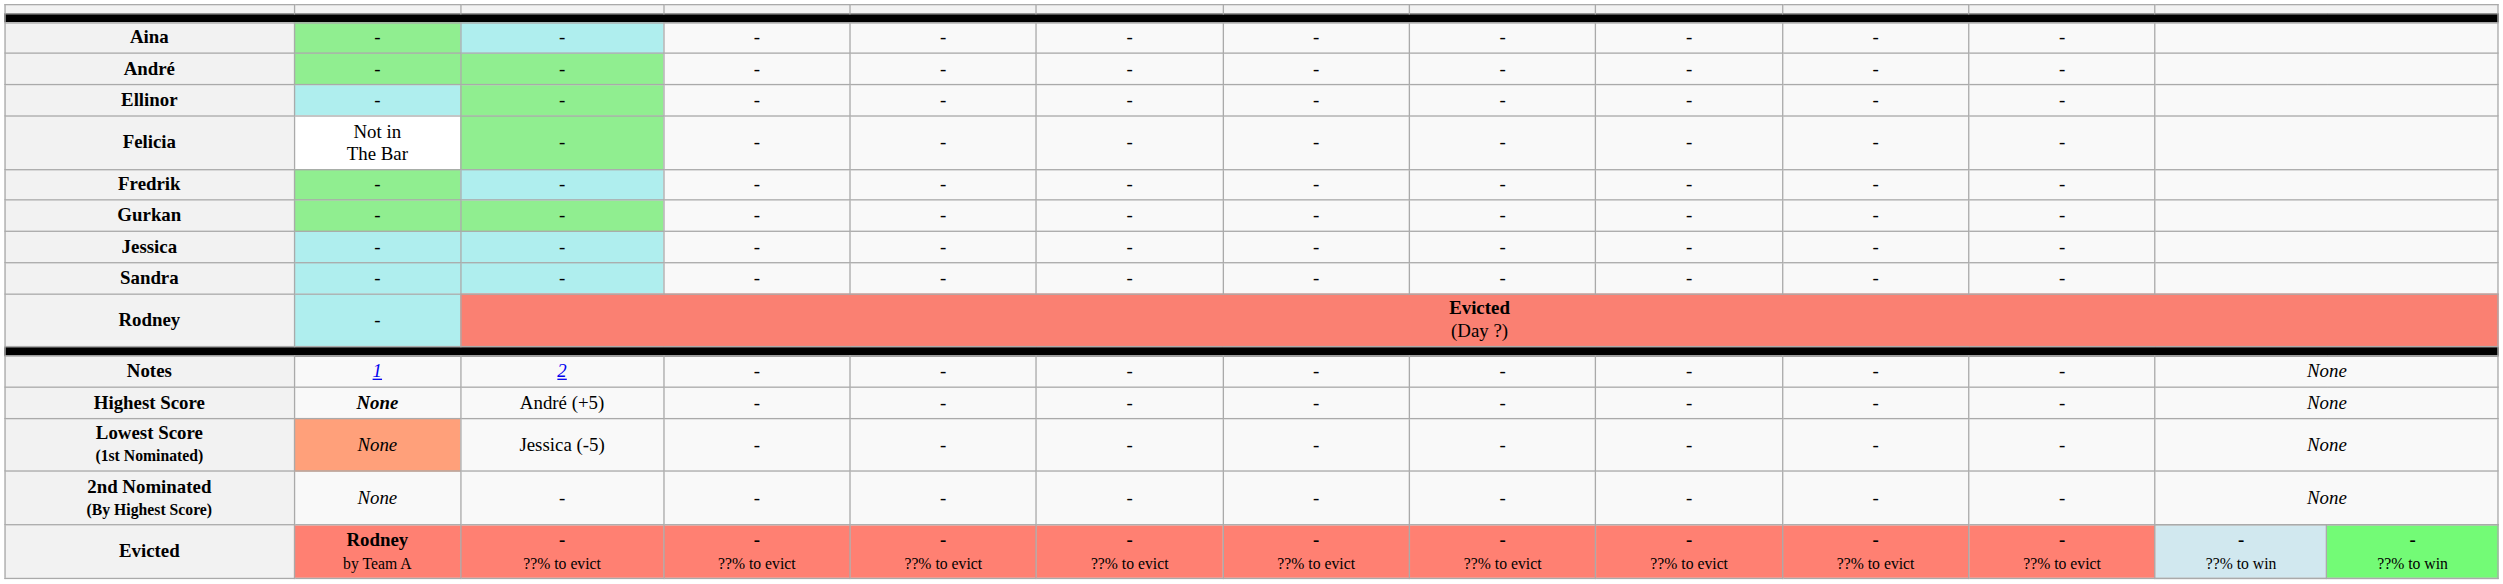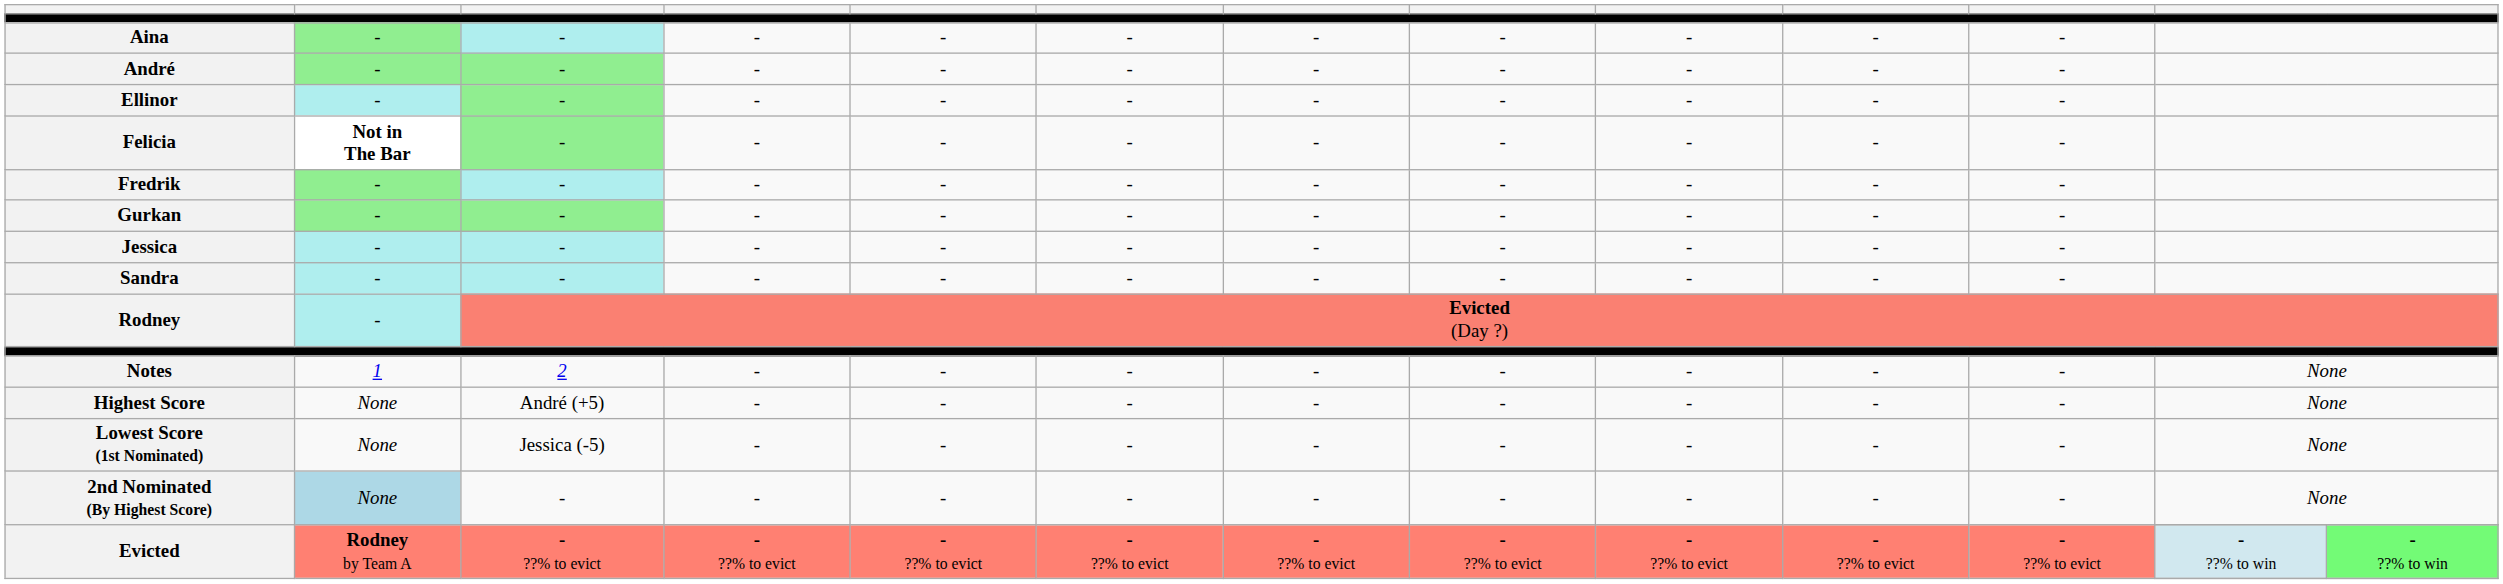 <table class="wikitable" style="font-size:90%; text-align:center; width: 96%; margin-left: auto; margin-right: auto;">
 <tr>
 <th></th>
 <th></th>
 <th></th>
 <th></th>
 <th></th>
 <th></th>
 <th></th>
 <th></th>
 <th></th>
 <th></th>
 <th></th>
 <th colspan=2></th>
 </tr>
 <tr>
 <th style="background:#000000;" colspan="17"></th>
 </tr>
 <tr>
 <th>Aina</th>
 <td style="background:#90EE90">-</td>
 <td style="background:#AFEEEE">-</td>
 <td>-</td>
 <td>-</td>
 <td>-</td>
 <td>-</td>
 <td>-</td>
 <td>-</td>
 <td>-</td>
 <td>-</td>
 <td colspan=2></td>
 </tr>
 <tr>
 <th>André</th>
 <td style="background:#90EE90">-</td>
 <td style="background:#90EE90">-</td>
 <td>-</td>
 <td>-</td>
 <td>-</td>
 <td>-</td>
 <td>-</td>
 <td>-</td>
 <td>-</td>
 <td>-</td>
 <td colspan=2></td>
 </tr>
 <tr>
 <th>Ellinor</th>
 <td style="background:#AFEEEE">-</td>
 <td style="background:#90EE90">-</td>
 <td>-</td>
 <td>-</td>
 <td>-</td>
 <td>-</td>
 <td>-</td>
 <td>-</td>
 <td>-</td>
 <td>-</td>
 <td colspan=2></td>
 </tr>
 <tr>
 <th>Felicia</th>
-<td style="background:white; text-align:center;">Not in<br>The Bar</td>
+<td style="background:white; text-align:center;"><strong>Not in<br>The Bar</strong></td>
 <td style="background:#90EE90">-</td>
 <td>-</td>
 <td>-</td>
 <td>-</td>
 <td>-</td>
 <td>-</td>
 <td>-</td>
 <td>-</td>
 <td>-</td>
 <td colspan=2></td>
 </tr>
 <tr>
 <th>Fredrik</th>
 <td style="background:#90EE90">-</td>
 <td style="background:#AFEEEE">-</td>
 <td>-</td>
 <td>-</td>
 <td>-</td>
 <td>-</td>
 <td>-</td>
 <td>-</td>
 <td>-</td>
 <td>-</td>
 <td colspan=2></td>
 </tr>
 <tr>
 <th>Gurkan</th>
 <td style="background:#90EE90">-</td>
 <td style="background:#90EE90">-</td>
 <td>-</td>
 <td>-</td>
 <td>-</td>
 <td>-</td>
 <td>-</td>
 <td>-</td>
 <td>-</td>
 <td>-</td>
 <td colspan=2></td>
 </tr>
 <tr>
 <th>Jessica</th>
 <td style="background:#AFEEEE">-</td>
 <td style="background:#AFEEEE">-</td>
 <td>-</td>
 <td>-</td>
 <td>-</td>
 <td>-</td>
 <td>-</td>
 <td>-</td>
 <td>-</td>
 <td>-</td>
 <td colspan=2></td>
 </tr>
 <tr>
 <th>Sandra</th>
 <td style="background:#AFEEEE">-</td>
 <td style="background:#AFEEEE">-</td>
 <td>-</td>
 <td>-</td>
 <td>-</td>
 <td>-</td>
 <td>-</td>
 <td>-</td>
 <td>-</td>
 <td>-</td>
 <td colspan=2></td>
 </tr>
 <tr>
 <th>Rodney</th>
 <td style="background:#AFEEEE">-</td>
 <td style="background:salmon; text-align:center;" colspan=11><strong>Evicted</strong> <br> (Day ?)</td>
 </tr>
 <tr>
 <th style="background:#000000;" colspan="14"></th>
 </tr>
 <tr>
 <th>Notes</th>
 <td><em><a href='#'>1</a></em></td>
 <td><em><a href='#'>2</a></em></td>
 <td>-</td>
 <td>-</td>
 <td>-</td>
 <td>-</td>
 <td>-</td>
 <td>-</td>
 <td>-</td>
 <td>-</td>
 <td colspan=2><em>None</em></td>
 </tr>
 <tr>
 <th>Highest Score</th>
-<td><strong><em>None</em></strong></td>
+<td><em>None</em></td>
 <td><span>André (+5)</span></td>
 <td>-</td>
 <td>-</td>
 <td>-</td>
 <td>-</td>
 <td>-</td>
 <td>-</td>
 <td>-</td>
 <td>-</td>
 <td colspan=2><em>None</em></td>
 </tr>
 <tr>
 <th>Lowest Score<br><small>(1st Nominated)</small></th>
-<td style="background: lightsalmon;"><em>None</em></td>
+<td><em>None</em></td>
 <td><span>Jessica (-5)</span></td>
 <td>-</td>
 <td>-</td>
 <td>-</td>
 <td>-</td>
 <td>-</td>
 <td>-</td>
 <td>-</td>
 <td>-</td>
 <td colspan=2><em>None</em></td>
 </tr>
 <tr>
 <th>2nd Nominated<br><small>(By Highest Score)</small></th>
-<td><em>None</em></td>
+<td style="background: lightblue;"><em>None</em></td>
 <td>-</td>
 <td>-</td>
 <td>-</td>
 <td>-</td>
 <td>-</td>
 <td>-</td>
 <td>-</td>
 <td>-</td>
 <td>-</td>
 <td colspan=2><em>None</em></td>
 </tr>
 <tr>
 <th rowspan="4">Evicted</th>
 <td rowspan="4" style="background:#FF8072"><strong>Rodney</strong><br><small>by Team A</small></td>
 <td rowspan="4" style="background:#FF8072"><strong>-</strong><br><small>??% to evict</small></td>
 <td rowspan="4" style="background:#FF8072"><strong>-</strong><br><small>??% to evict</small></td>
 <td rowspan="4" style="background:#FF8072"><strong>-</strong><br><small>??% to evict</small></td>
 <td rowspan="4" style="background:#FF8072"><strong>-</strong><br><small>??% to evict</small></td>
 <td rowspan="4" style="background:#FF8072"><strong>-</strong><br><small>??% to evict</small></td>
 <td rowspan="4" style="background:#FF8072"><strong>-</strong><br><small>??% to evict</small></td>
 <td rowspan="4" style="background:#FF8072"><strong>-</strong><br><small>??% to evict</small></td>
 <td rowspan="4" style="background:#FF8072"><strong>-</strong><br><small>??% to evict</small></td>
 <td rowspan="4" style="background:#FF8072"><strong>-</strong><br><small>??% to evict</small></td>
 </tr>
 <tr>
 <td rowspan="1" style="background:#D1E8EF"><strong>-</strong><br><small>??% to win</small></td>
 <td rowspan="1" style="background:#73FB76"><strong>-</strong><br><small>??% to win</small></td>
 </tr>
 <tr>
 </tr>
 </table>
